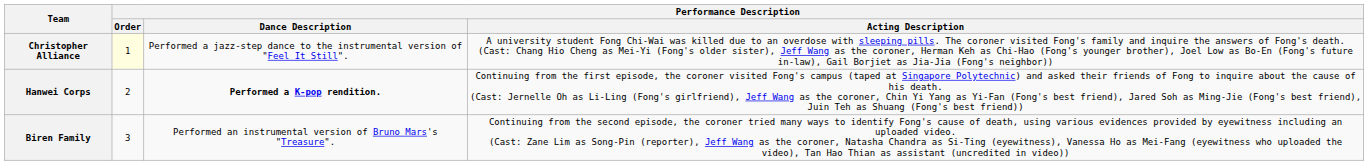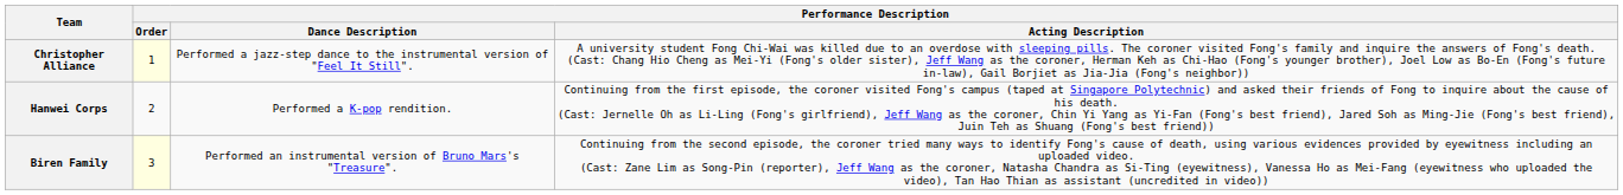 <table class= "wikitable plainrowheaders" style="text-align: center;">
 <tr>
 <th style="width:150px;" rowspan=2>Team</th>
 <th colspan=4>Performance Description</th>
 </tr>
 <tr>
 <th>Order</th>
 <th>Dance Description</th>
 <th>Acting Description</th>
 </tr>
 <tr>
 <th>Christopher Alliance</th>
 <td style="background: lightyellow;">1</td>
 <td>Performed a jazz-step dance to the instrumental version of "<a href='#'>Feel It Still</a>".</td>
 <td>A university student Fong Chi-Wai was killed due to an overdose with <a href='#'>sleeping pills</a>. The coroner visited Fong's family and inquire the answers of Fong's death.<br>(Cast: Chang Hio Cheng as Mei-Yi (Fong's older sister), <a href='#'>Jeff Wang</a> as the coroner, Herman Keh as Chi-Hao (Fong's younger brother), Joel Low as Bo-En (Fong's future in-law), Gail Borjiet as Jia-Jia (Fong's neighbor))</td>
 </tr>
 <tr>
 <th>Hanwei Corps</th>
 <td>2</td>
-<td><strong>Performed a <a href='#'>K-pop</a> rendition.</strong></td>
+<td>Performed a <a href='#'>K-pop</a> rendition.</td>
 <td>Continuing from the first episode, the coroner visited Fong's campus (taped at <a href='#'>Singapore Polytechnic</a>) and asked their friends of Fong to inquire about the cause of his death.<br>(Cast: Jernelle Oh as Li-Ling (Fong's girlfriend), <a href='#'>Jeff Wang</a> as the coroner, Chin Yi Yang as Yi-Fan (Fong's best friend), Jared Soh as Ming-Jie (Fong's best friend), Juin Teh as Shuang (Fong's best friend))</td>
 </tr>
 <tr>
 <th>Biren Family</th>
-<td>3</td>
+<td style="background: lightyellow;">3</td>
 <td>Performed an instrumental version of <a href='#'>Bruno Mars</a>'s "<a href='#'>Treasure</a>".</td>
 <td>Continuing from the second episode, the coroner tried many ways to identify Fong's cause of death, using various evidences provided by eyewitness including an uploaded video.<br>(Cast: Zane Lim as Song-Pin (reporter), <a href='#'>Jeff Wang</a> as the coroner, Natasha Chandra as Si-Ting (eyewitness), Vanessa Ho as Mei-Fang (eyewitness who uploaded the video), Tan Hao Thian as assistant (uncredited in video))</td>
 </tr>
 </table>
